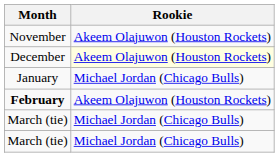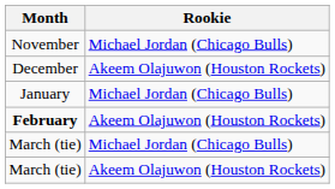 <table class="wikitable">
 <tr>
 <th>Month</th>
 <th>Rookie</th>
 </tr>
 <tr>
 <td align=center>November</td>
-<td><a href='#'>Akeem Olajuwon</a> (<a href='#'>Houston Rockets</a>)</td>
+<td><a href='#'>Michael Jordan</a> (<a href='#'>Chicago Bulls</a>)</td>
 </tr>
 <tr>
 <td align=center>December</td>
-<td style="background: lightyellow;"><a href='#'>Akeem Olajuwon</a> (<a href='#'>Houston Rockets</a>)</td>
+<td><a href='#'>Akeem Olajuwon</a> (<a href='#'>Houston Rockets</a>)</td>
 </tr>
 <tr>
 <td align=center>January</td>
 <td><a href='#'>Michael Jordan</a> (<a href='#'>Chicago Bulls</a>)</td>
 </tr>
 <tr>
 <td align=center><strong>February</strong></td>
 <td><a href='#'>Akeem Olajuwon</a> (<a href='#'>Houston Rockets</a>)</td>
 </tr>
 <tr>
 <td align=center>March (tie)</td>
 <td><a href='#'>Michael Jordan</a> (<a href='#'>Chicago Bulls</a>)</td>
 </tr>
 <tr>
 <td align=center>March (tie)</td>
-<td><a href='#'>Michael Jordan</a> (<a href='#'>Chicago Bulls</a>)</td>
+<td><a href='#'>Akeem Olajuwon</a> (<a href='#'>Houston Rockets</a>)</td>
 </tr>
 </table>
